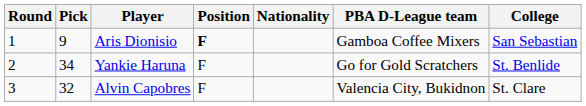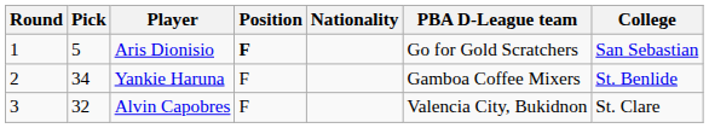 <table class="wikitable sortable sortable">
 <tr>
 <th>Round</th>
 <th>Pick</th>
 <th>Player</th>
 <th>Position</th>
 <th>Nationality</th>
 <th>PBA D-League team</th>
 <th>College</th>
 </tr>
 <tr>
 <td>1</td>
-<td>9</td>
+<td>5</td>
 <td><a href='#'>Aris Dionisio</a></td>
 <td><strong>F</strong></td>
 <td></td>
-<td>Gamboa Coffee Mixers</td>
+<td>Go for Gold Scratchers</td>
 <td><a href='#'>San Sebastian</a></td>
 </tr>
 <tr>
 <td>2</td>
 <td>34</td>
 <td><a href='#'>Yankie Haruna</a></td>
 <td>F</td>
 <td></td>
-<td>Go for Gold Scratchers</td>
+<td>Gamboa Coffee Mixers</td>
 <td><a href='#'>St. Benlide</a></td>
 </tr>
 <tr>
 <td>3</td>
 <td>32</td>
 <td><a href='#'>Alvin Capobres</a></td>
 <td>F</td>
 <td></td>
 <td>Valencia City, Bukidnon</td>
 <td>St. Clare</td>
 </tr>
 </table>
